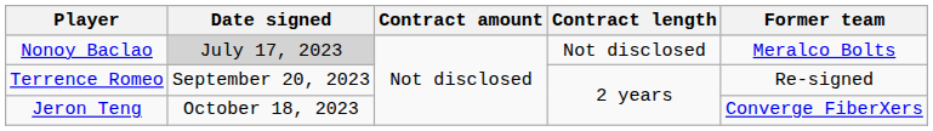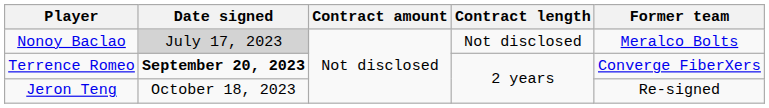 <table class="wikitable sortable sortable">
 <tr>
 <th>Player</th>
 <th>Date signed</th>
 <th>Contract amount</th>
 <th>Contract length</th>
 <th>Former team</th>
 </tr>
 <tr>
 <td align=center><a href='#'>Nonoy Baclao</a></td>
 <td align=center style="background: lightgrey;">July 17, 2023</td>
 <td align=center rowspan=3>Not disclosed</td>
 <td align=center>Not disclosed</td>
 <td align=center><a href='#'>Meralco Bolts</a></td>
 </tr>
 <tr>
 <td align=center><a href='#'>Terrence Romeo</a></td>
-<td align=center>September 20, 2023</td>
+<td align=center><strong>September 20, 2023</strong></td>
 <td align=center rowspan=2>2 years</td>
-<td align=center>Re-signed</td>
+<td align=center><a href='#'>Converge FiberXers</a></td>
 </tr>
 <tr>
 <td align=center><a href='#'>Jeron Teng</a></td>
 <td align=center>October 18, 2023</td>
-<td align=center><a href='#'>Converge FiberXers</a></td>
+<td align=center>Re-signed</td>
 </tr>
 </table>
